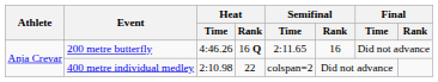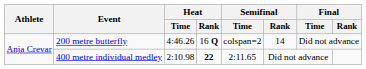 <table class="wikitable" style="text-align:center; font-size:90%">
 <tr>
 <th rowspan="2">Athlete</th>
 <th rowspan="2">Event</th>
 <th colspan="2">Heat</th>
 <th colspan="2">Semifinal</th>
 <th colspan="2">Final</th>
 </tr>
 <tr style="font-size:95%">
 <th>Time</th>
 <th>Rank</th>
 <th>Time</th>
 <th>Rank</th>
 <th>Time</th>
 <th>Rank</th>
 </tr>
 <tr>
 <td align=left rowspan=2><a href='#'>Anja Crevar</a></td>
 <td align=left><a href='#'>200 metre butterfly</a></td>
 <td>4:46.26</td>
 <td>16 <strong>Q</strong></td>
-<td>2:11.65</td>
-<td>16</td>
+<td>colspan=2 </td>
+<td>14</td>
 <td colspan=2>Did not advance</td>
 </tr>
 <tr>
 <td align=left><a href='#'>400 metre individual medley</a></td>
 <td>2:10.98</td>
-<td>22</td>
-<td>colspan=2 </td>
+<td><strong>22</strong></td>
+<td>2:11.65</td>
 <td colspan=2>Did not advance</td>
 </tr>
 </table>
